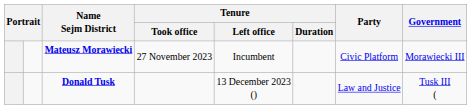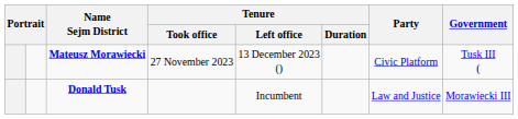 <table class="wikitable" style="line-height:1.4em; text-align:center;">
 <tr>
 <th colspan="2" rowspan="2" scope="col">Portrait</th>
 <th rowspan="2">Name<br>Sejm District<br></th>
 <th colspan="3" scope="colgroup">Tenure</th>
 <th rowspan="2">Party</th>
 <th rowspan="2"><a href='#'>Government</a></th>
 </tr>
 <tr>
 <th>Took office</th>
 <th>Left office</th>
 <th>Duration</th>
 </tr>
 <tr>
 <th style="background:"></th>
 <td></td>
 <td><strong><a href='#'>Mateusz Morawiecki</a></strong><br> <br></td>
 <td>27 November 2023</td>
-<td>Incumbent</td>
+<td>13 December 2023<br>()</td>
 <td></td>
 <td><a href='#'>Civic Platform</a></td>
-<td><a href='#'>Morawiecki III</a></td>
+<td><a href='#'>Tusk III</a><br>(</td>
 </tr>
 <tr>
 <th style="background:"></th>
 <td></td>
 <td><strong><a href='#'>Donald Tusk</a></strong><br><br></td>
 <td></td>
-<td>13 December 2023<br>()</td>
+<td>Incumbent</td>
 <td></td>
 <td><a href='#'>Law and Justice</a></td>
-<td><a href='#'>Tusk III</a><br>(</td>
+<td><a href='#'>Morawiecki III</a></td>
 </tr>
 </table>
